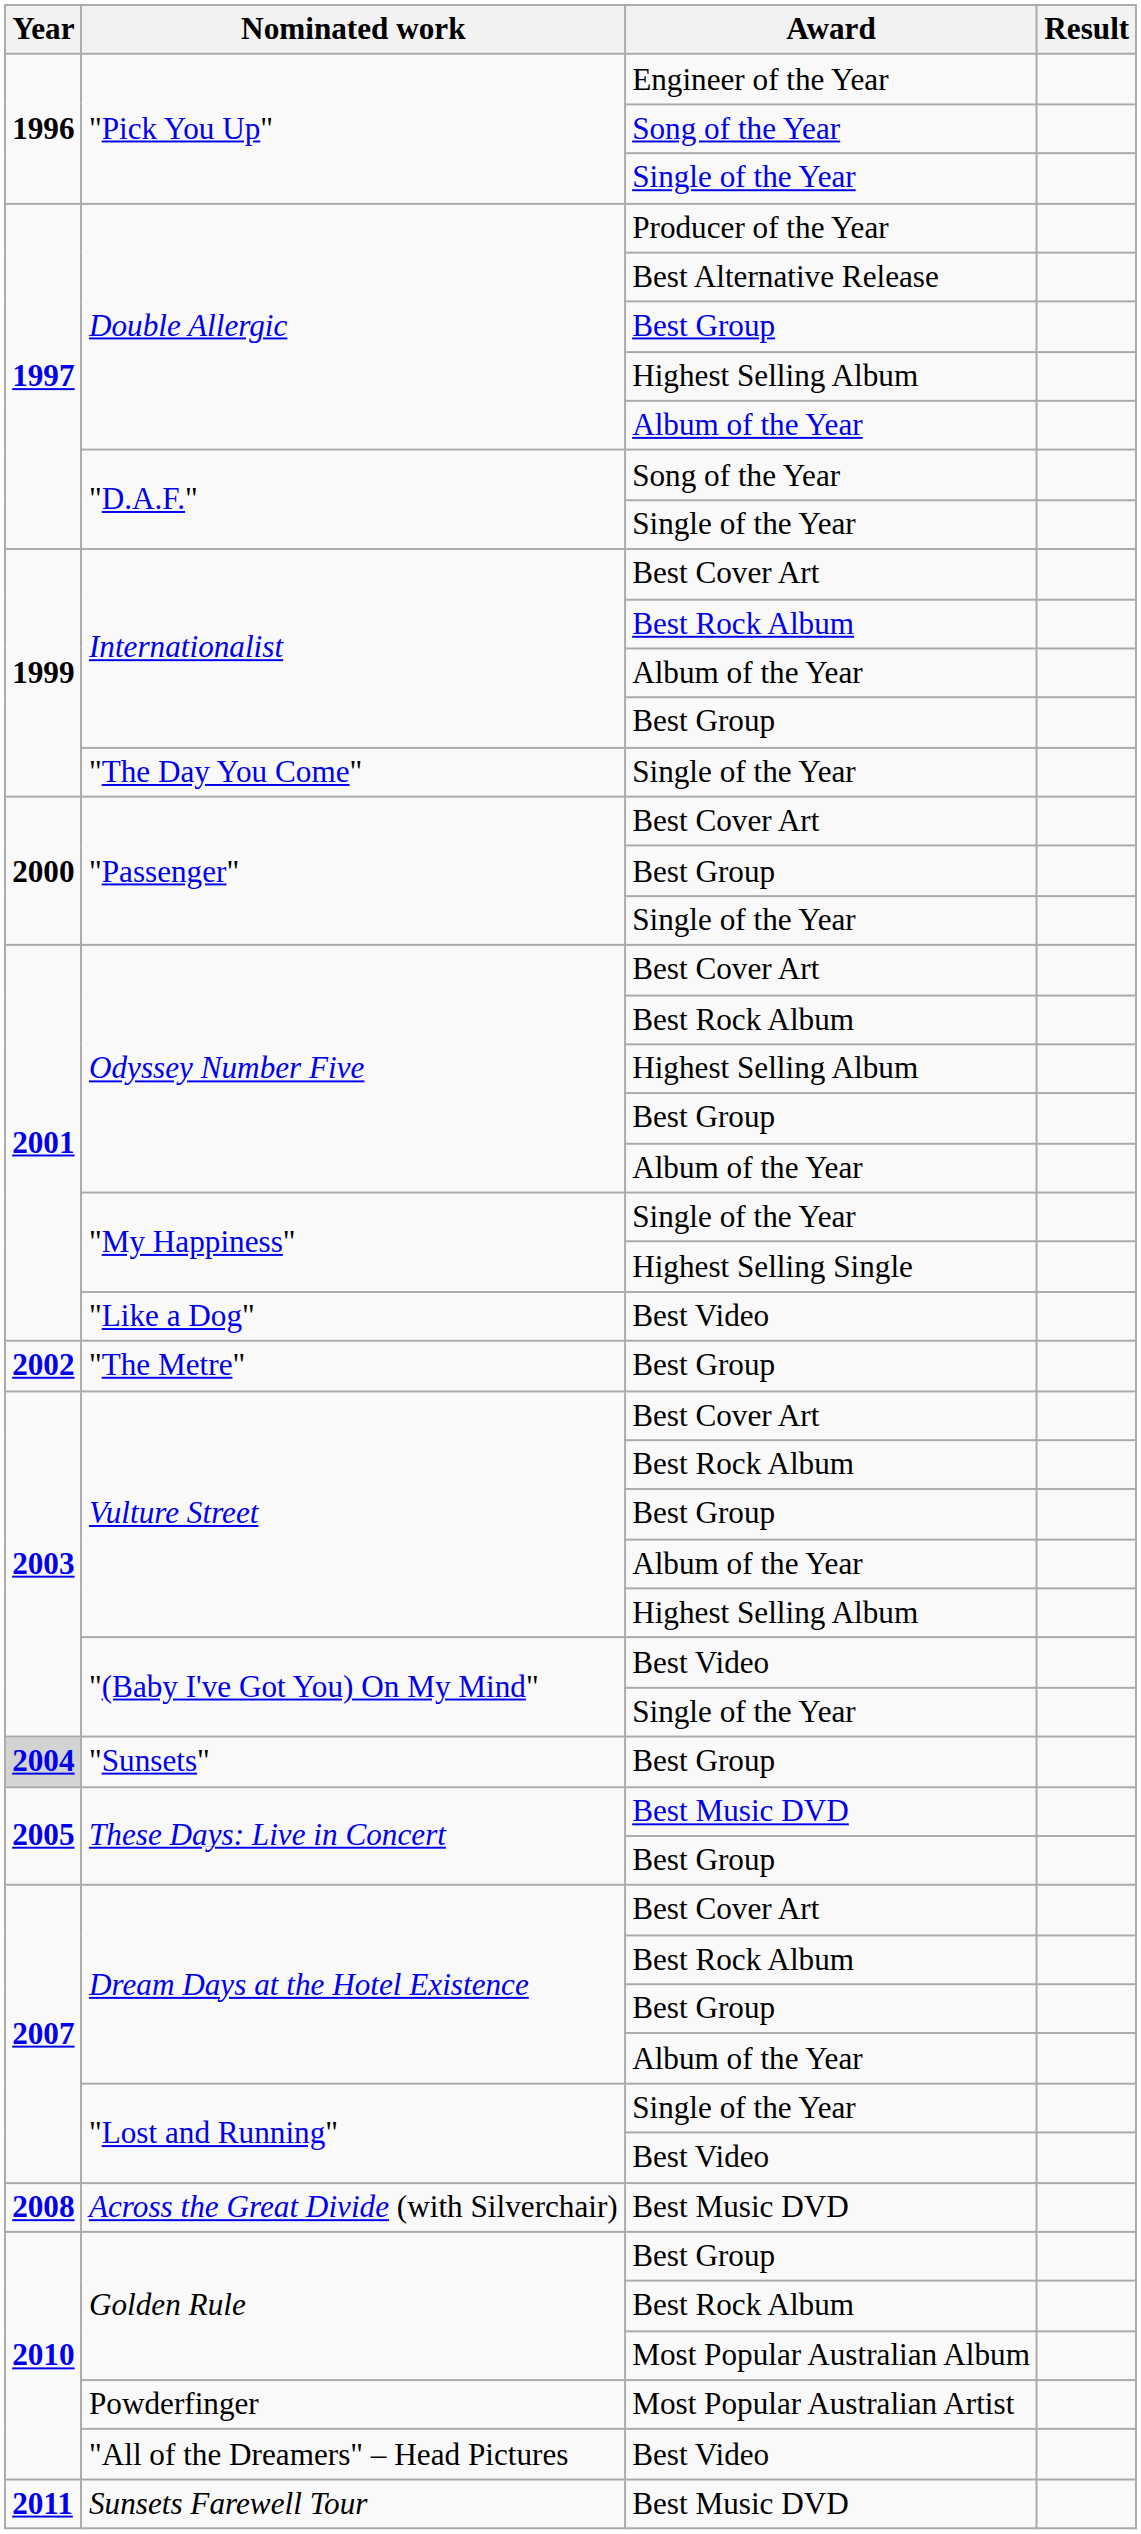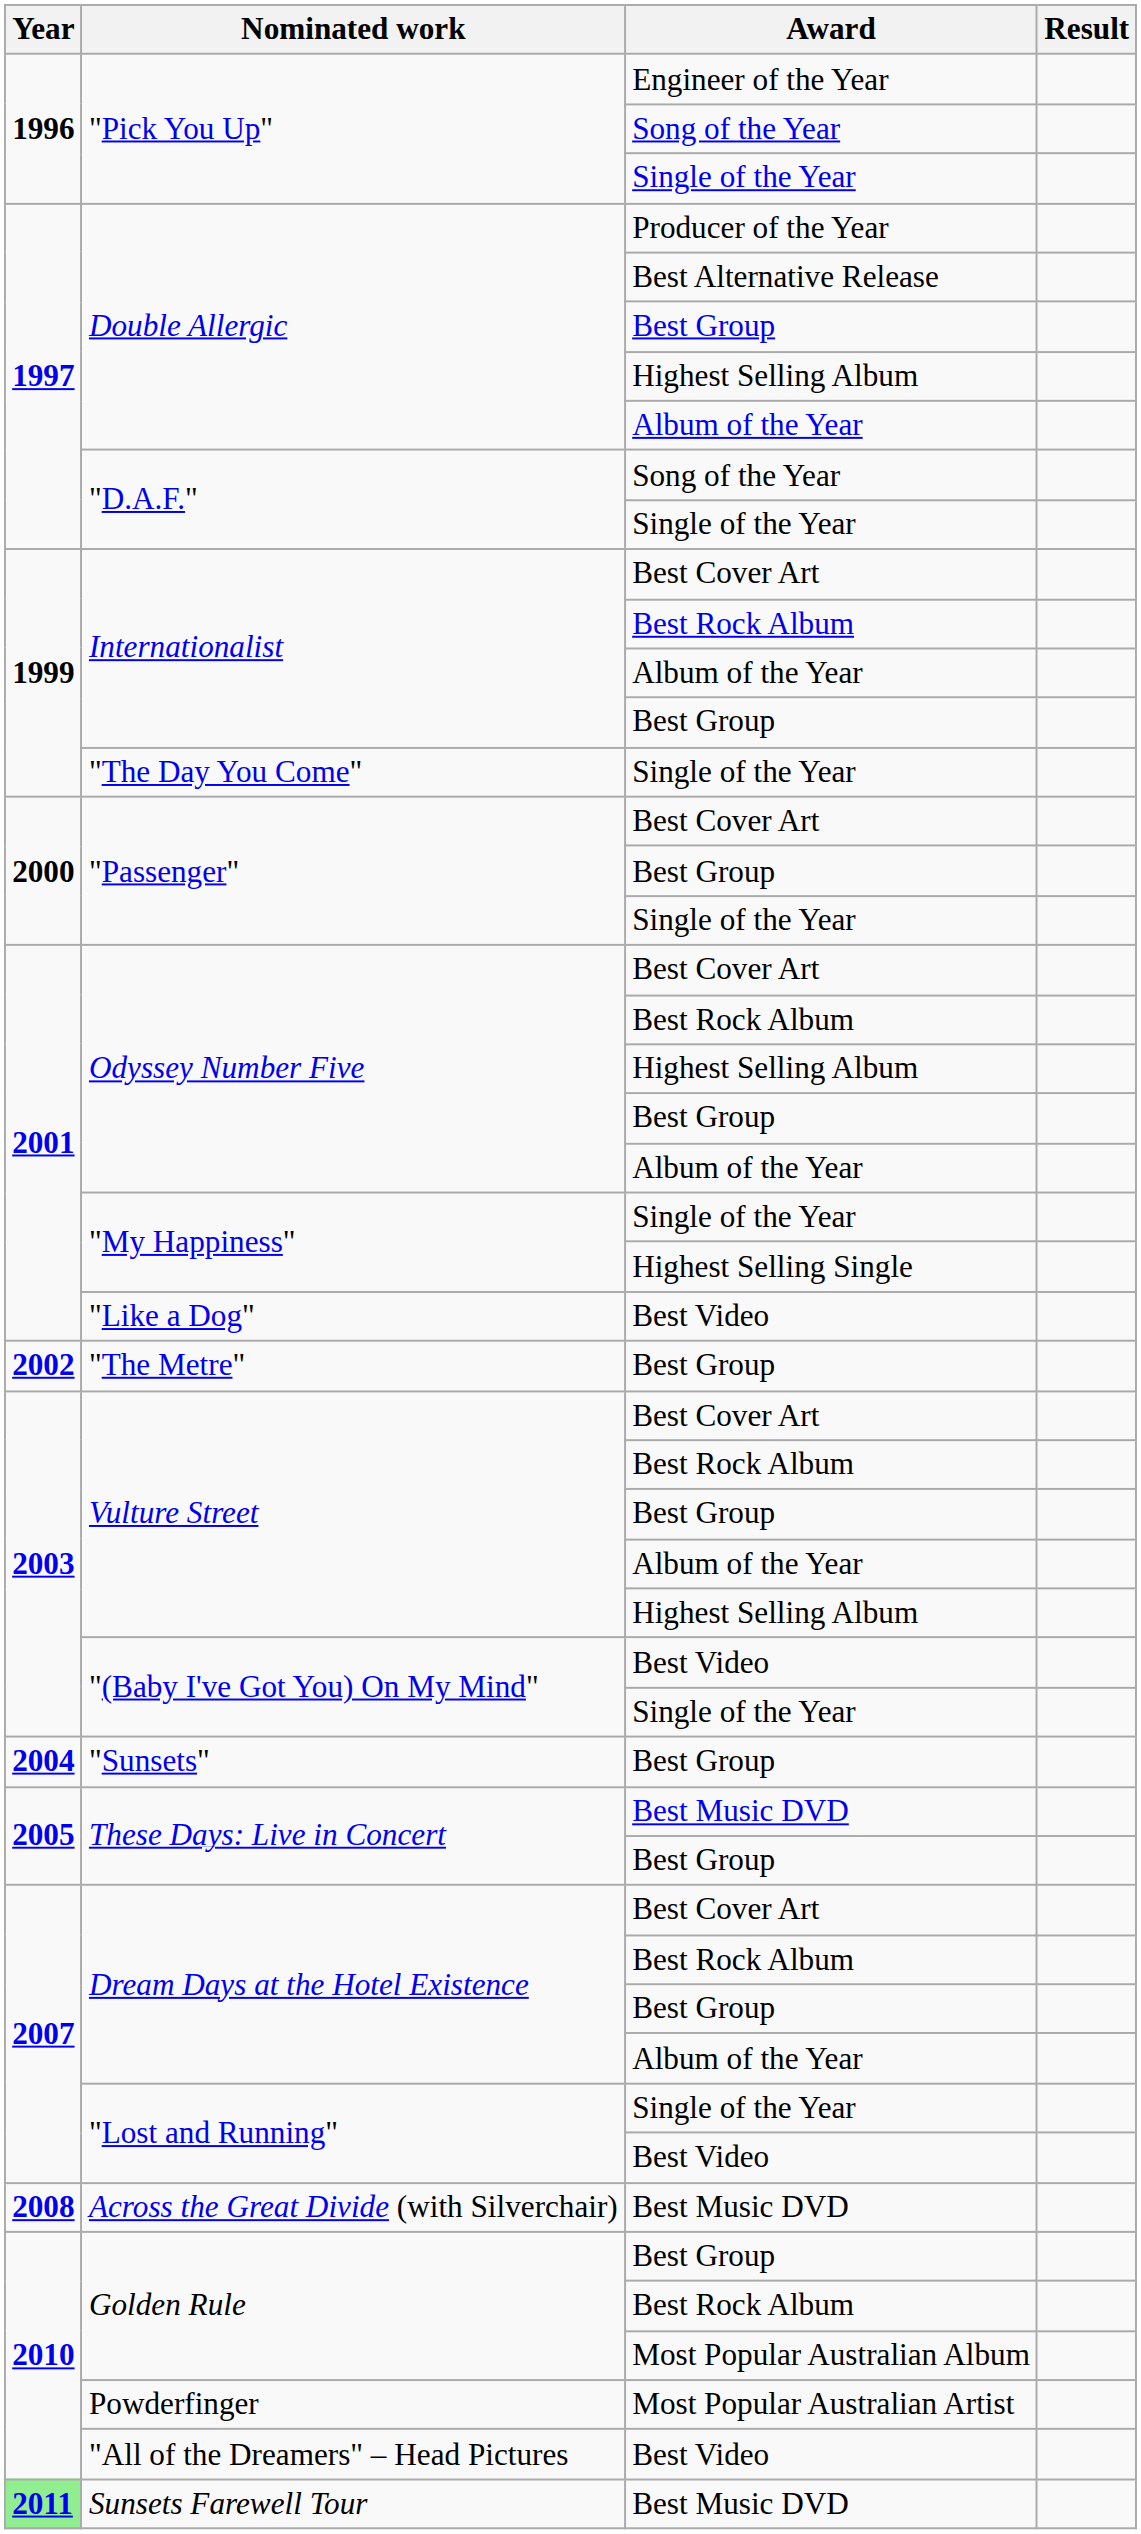 <table class="wikitable">
 <tr>
 <th>Year</th>
 <th>Nominated work</th>
 <th>Award</th>
 <th>Result</th>
 </tr>
 <tr>
 <td rowspan="3"><strong>1996</strong></td>
 <td rowspan="3">"<a href='#'>Pick You Up</a>"</td>
 <td>Engineer of the Year</td>
 <td></td>
 </tr>
 <tr>
 <td><a href='#'>Song of the Year</a></td>
 <td></td>
 </tr>
 <tr>
 <td><a href='#'>Single of the Year</a></td>
 <td></td>
 </tr>
 <tr>
 <td rowspan="7"><strong><a href='#'>1997</a></strong></td>
 <td rowspan="5"><em><a href='#'>Double Allergic</a></em></td>
 <td>Producer of the Year</td>
 <td></td>
 </tr>
 <tr>
 <td>Best Alternative Release</td>
 <td></td>
 </tr>
 <tr>
 <td><a href='#'>Best Group</a></td>
 <td></td>
 </tr>
 <tr>
 <td>Highest Selling Album</td>
 <td></td>
 </tr>
 <tr>
 <td><a href='#'>Album of the Year</a></td>
 <td></td>
 </tr>
 <tr>
 <td rowspan="2">"<a href='#'>D.A.F.</a>"</td>
 <td>Song of the Year</td>
 <td></td>
 </tr>
 <tr>
 <td>Single of the Year</td>
 <td></td>
 </tr>
 <tr>
 <td rowspan="5"><strong>1999</strong></td>
 <td rowspan="4"><em><a href='#'>Internationalist</a></em></td>
 <td>Best Cover Art</td>
 <td></td>
 </tr>
 <tr>
 <td><a href='#'>Best Rock Album</a></td>
 <td></td>
 </tr>
 <tr>
 <td>Album of the Year</td>
 <td></td>
 </tr>
 <tr>
 <td>Best Group</td>
 <td></td>
 </tr>
 <tr>
 <td>"<a href='#'>The Day You Come</a>"</td>
 <td>Single of the Year</td>
 <td></td>
 </tr>
 <tr>
 <td rowspan="3"><strong>2000</strong></td>
 <td rowspan="3">"<a href='#'>Passenger</a>"</td>
 <td>Best Cover Art</td>
 <td></td>
 </tr>
 <tr>
 <td>Best Group</td>
 <td></td>
 </tr>
 <tr>
 <td>Single of the Year</td>
 <td></td>
 </tr>
 <tr>
 <td rowspan="8"><strong><a href='#'>2001</a></strong></td>
 <td rowspan="5"><em><a href='#'>Odyssey Number Five</a></em></td>
 <td>Best Cover Art</td>
 <td></td>
 </tr>
 <tr>
 <td>Best Rock Album</td>
 <td></td>
 </tr>
 <tr>
 <td>Highest Selling Album</td>
 <td></td>
 </tr>
 <tr>
 <td>Best Group</td>
 <td></td>
 </tr>
 <tr>
 <td>Album of the Year</td>
 <td></td>
 </tr>
 <tr>
 <td rowspan="2">"<a href='#'>My Happiness</a>"</td>
 <td>Single of the Year</td>
 <td></td>
 </tr>
 <tr>
 <td>Highest Selling Single</td>
 <td></td>
 </tr>
 <tr>
 <td>"<a href='#'>Like a Dog</a>"</td>
 <td>Best Video</td>
 <td></td>
 </tr>
 <tr>
 <td><strong><a href='#'>2002</a></strong></td>
 <td>"<a href='#'>The Metre</a>"</td>
 <td>Best Group</td>
 <td></td>
 </tr>
 <tr>
 <td rowspan="7"><strong><a href='#'>2003</a></strong></td>
 <td rowspan="5"><em><a href='#'>Vulture Street</a></em></td>
 <td>Best Cover Art</td>
 <td></td>
 </tr>
 <tr>
 <td>Best Rock Album</td>
 <td></td>
 </tr>
 <tr>
 <td>Best Group</td>
 <td></td>
 </tr>
 <tr>
 <td>Album of the Year</td>
 <td></td>
 </tr>
 <tr>
 <td>Highest Selling Album</td>
 <td></td>
 </tr>
 <tr>
 <td rowspan="2">"<a href='#'>(Baby I've Got You) On My Mind</a>"</td>
 <td>Best Video</td>
 <td></td>
 </tr>
 <tr>
 <td>Single of the Year</td>
 <td></td>
 </tr>
 <tr>
-<td style="background: lightgrey;"><strong><a href='#'>2004</a></strong></td>
+<td><strong><a href='#'>2004</a></strong></td>
 <td>"<a href='#'>Sunsets</a>"</td>
 <td>Best Group</td>
 <td></td>
 </tr>
 <tr>
 <td rowspan="2"><strong><a href='#'>2005</a></strong></td>
 <td rowspan="2"><em><a href='#'>These Days: Live in Concert</a></em></td>
 <td><a href='#'>Best Music DVD</a></td>
 <td></td>
 </tr>
 <tr>
 <td>Best Group</td>
 <td></td>
 </tr>
 <tr>
 <td rowspan="6"><strong><a href='#'>2007</a></strong></td>
 <td rowspan="4"><em><a href='#'>Dream Days at the Hotel Existence</a></em></td>
 <td>Best Cover Art</td>
 <td></td>
 </tr>
 <tr>
 <td>Best Rock Album</td>
 <td></td>
 </tr>
 <tr>
 <td>Best Group</td>
 <td></td>
 </tr>
 <tr>
 <td>Album of the Year</td>
 <td></td>
 </tr>
 <tr>
 <td rowspan="2">"<a href='#'>Lost and Running</a>"</td>
 <td>Single of the Year</td>
 <td></td>
 </tr>
 <tr>
 <td>Best Video</td>
 <td></td>
 </tr>
 <tr>
 <td><strong><a href='#'>2008</a></strong></td>
 <td><em><a href='#'>Across the Great Divide</a></em> (with Silverchair)</td>
 <td>Best Music DVD</td>
 <td></td>
 </tr>
 <tr>
 <td rowspan="5"><strong><a href='#'>2010</a></strong></td>
 <td rowspan="3"><em>Golden Rule</em></td>
 <td>Best Group</td>
 <td></td>
 </tr>
 <tr>
 <td>Best Rock Album</td>
 <td></td>
 </tr>
 <tr>
 <td>Most Popular Australian Album</td>
 <td></td>
 </tr>
 <tr>
 <td>Powderfinger</td>
 <td>Most Popular Australian Artist</td>
 <td></td>
 </tr>
 <tr>
 <td>"All of the Dreamers" – Head Pictures</td>
 <td>Best Video</td>
 <td></td>
 </tr>
 <tr>
-<td><strong><a href='#'>2011</a></strong></td>
+<td style="background: lightgreen;"><strong><a href='#'>2011</a></strong></td>
 <td><em>Sunsets Farewell Tour</em></td>
 <td>Best Music DVD</td>
 <td></td>
 </tr>
 </table>
